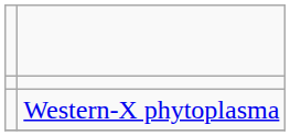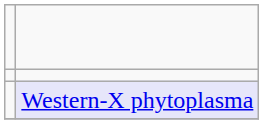 <table class="wikitable" style="clear">
 <tr>
 <td><br><br></td>
 <td></td>
 </tr>
 <tr>
 <td></td>
 <td></td>
 </tr>
 <tr>
 <td></td>
-<td><a href='#'>Western-X phytoplasma</a></td>
+<td style="background: lavender;"><a href='#'>Western-X phytoplasma</a></td>
 </tr>
 <tr>
 </tr>
 </table>
